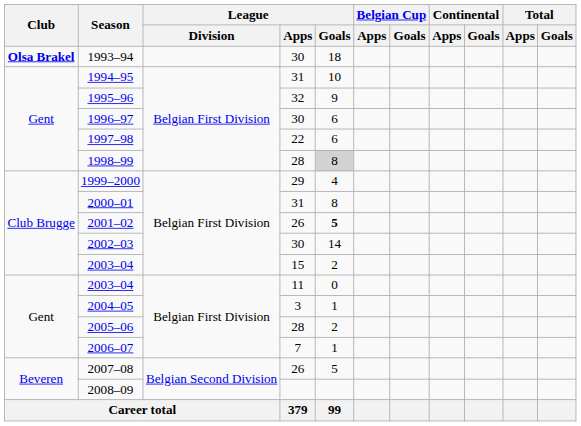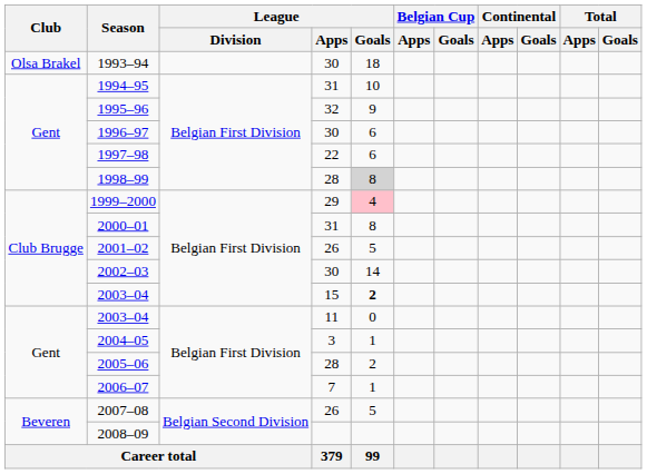 <table class="wikitable" style="text-align:center">
 <tr>
 <th rowspan="2">Club</th>
 <th rowspan="2">Season</th>
 <th colspan="3">League</th>
 <th colspan="2"><a href='#'>Belgian Cup</a></th>
 <th colspan="2">Continental</th>
 <th colspan="2">Total</th>
 </tr>
 <tr>
 <th>Division</th>
 <th>Apps</th>
 <th>Goals</th>
 <th>Apps</th>
 <th>Goals</th>
 <th>Apps</th>
 <th>Goals</th>
 <th>Apps</th>
 <th>Goals</th>
 </tr>
 <tr>
-<td><strong><a href='#'>Olsa Brakel</a></strong></td>
+<td><a href='#'>Olsa Brakel</a></td>
 <td>1993–94</td>
 <td></td>
 <td>30</td>
 <td>18</td>
 <td></td>
 <td></td>
 <td></td>
 <td></td>
 <td></td>
 <td></td>
 </tr>
 <tr>
 <td rowspan="5"><a href='#'>Gent</a></td>
 <td><a href='#'>1994–95</a></td>
 <td rowspan="5"><a href='#'>Belgian First Division</a></td>
 <td>31</td>
 <td>10</td>
 <td></td>
 <td></td>
 <td></td>
 <td></td>
 <td></td>
 <td></td>
 </tr>
 <tr>
 <td><a href='#'>1995–96</a></td>
 <td>32</td>
 <td>9</td>
 <td></td>
 <td></td>
 <td></td>
 <td></td>
 <td></td>
 <td></td>
 </tr>
 <tr>
 <td><a href='#'>1996–97</a></td>
 <td>30</td>
 <td>6</td>
 <td></td>
 <td></td>
 <td></td>
 <td></td>
 <td></td>
 <td></td>
 </tr>
 <tr>
 <td><a href='#'>1997–98</a></td>
 <td>22</td>
 <td>6</td>
 <td></td>
 <td></td>
 <td></td>
 <td></td>
 <td></td>
 <td></td>
 </tr>
 <tr>
 <td><a href='#'>1998–99</a></td>
 <td>28</td>
 <td style="background: lightgrey;">8</td>
 <td></td>
 <td></td>
 <td></td>
 <td></td>
 <td></td>
 <td></td>
 </tr>
 <tr>
 <td rowspan="5"><a href='#'>Club Brugge</a></td>
 <td><a href='#'>1999–2000</a></td>
 <td rowspan="5">Belgian First Division</td>
 <td>29</td>
-<td>4</td>
+<td style="background: pink;">4</td>
 <td></td>
 <td></td>
 <td></td>
 <td></td>
 <td></td>
 <td></td>
 </tr>
 <tr>
 <td><a href='#'>2000–01</a></td>
 <td>31</td>
 <td>8</td>
 <td></td>
 <td></td>
 <td></td>
 <td></td>
 <td></td>
 <td></td>
 </tr>
 <tr>
 <td><a href='#'>2001–02</a></td>
 <td>26</td>
-<td><strong>5</strong></td>
+<td>5</td>
 <td></td>
 <td></td>
 <td></td>
 <td></td>
 <td></td>
 <td></td>
 </tr>
 <tr>
 <td><a href='#'>2002–03</a></td>
 <td>30</td>
 <td>14</td>
 <td></td>
 <td></td>
 <td></td>
 <td></td>
 <td></td>
 <td></td>
 </tr>
 <tr>
 <td><a href='#'>2003–04</a></td>
 <td>15</td>
-<td>2</td>
+<td><strong>2</strong></td>
 <td></td>
 <td></td>
 <td></td>
 <td></td>
 <td></td>
 <td></td>
 </tr>
 <tr>
 <td rowspan="4">Gent</td>
 <td><a href='#'>2003–04</a></td>
 <td rowspan="4">Belgian First Division</td>
 <td>11</td>
 <td>0</td>
 <td></td>
 <td></td>
 <td></td>
 <td></td>
 <td></td>
 <td></td>
 </tr>
 <tr>
 <td><a href='#'>2004–05</a></td>
 <td>3</td>
 <td>1</td>
 <td></td>
 <td></td>
 <td></td>
 <td></td>
 <td></td>
 <td></td>
 </tr>
 <tr>
 <td><a href='#'>2005–06</a></td>
 <td>28</td>
 <td>2</td>
 <td></td>
 <td></td>
 <td></td>
 <td></td>
 <td></td>
 <td></td>
 </tr>
 <tr>
 <td><a href='#'>2006–07</a></td>
 <td>7</td>
 <td>1</td>
 <td></td>
 <td></td>
 <td></td>
 <td></td>
 <td></td>
 <td></td>
 </tr>
 <tr>
 <td rowspan="2"><a href='#'>Beveren</a></td>
 <td>2007–08</td>
 <td rowspan="2"><a href='#'>Belgian Second Division</a></td>
 <td>26</td>
 <td>5</td>
 <td></td>
 <td></td>
 <td></td>
 <td></td>
 <td></td>
 <td></td>
 </tr>
 <tr>
 <td>2008–09</td>
 <td></td>
 <td></td>
 <td></td>
 <td></td>
 <td></td>
 <td></td>
 <td></td>
 <td></td>
 </tr>
 <tr>
 <th colspan="3">Career total</th>
 <th>379</th>
 <th>99</th>
 <th></th>
 <th></th>
 <th></th>
 <th></th>
 <th></th>
 <th></th>
 </tr>
 </table>
